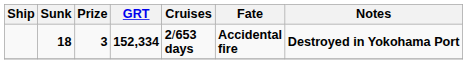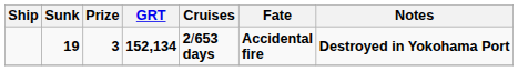 <table class="wikitable sortable">
 <tr>
 <th scope="col" width="20px">Ship</th>
 <th scope="col" width="20px">Sunk</th>
 <th scope="col" width="20px">Prize</th>
 <th scope="col" width="30px"><a href='#'>GRT</a></th>
 <th scope="col" width="60px">Cruises</th>
 <th scope="col" width="80px">Fate</th>
 <th>Notes</th>
 </tr>
 <tr>
 <td align="left"><strong></strong></td>
-<td align="right"><strong>18</strong></td>
+<td align="right"><strong>19</strong></td>
 <td align="right"><strong>3</strong></td>
-<td align="right"><strong>152,334</strong></td>
+<td align="right"><strong>152,134</strong></td>
 <td align="left"><strong>2</strong>/<strong>653 days</strong></td>
 <td align="left"><strong>Accidental fire</strong></td>
 <td align="left"><strong>Destroyed in Yokohama Port</strong></td>
 </tr>
 <tr>
 </tr>
 </table>
